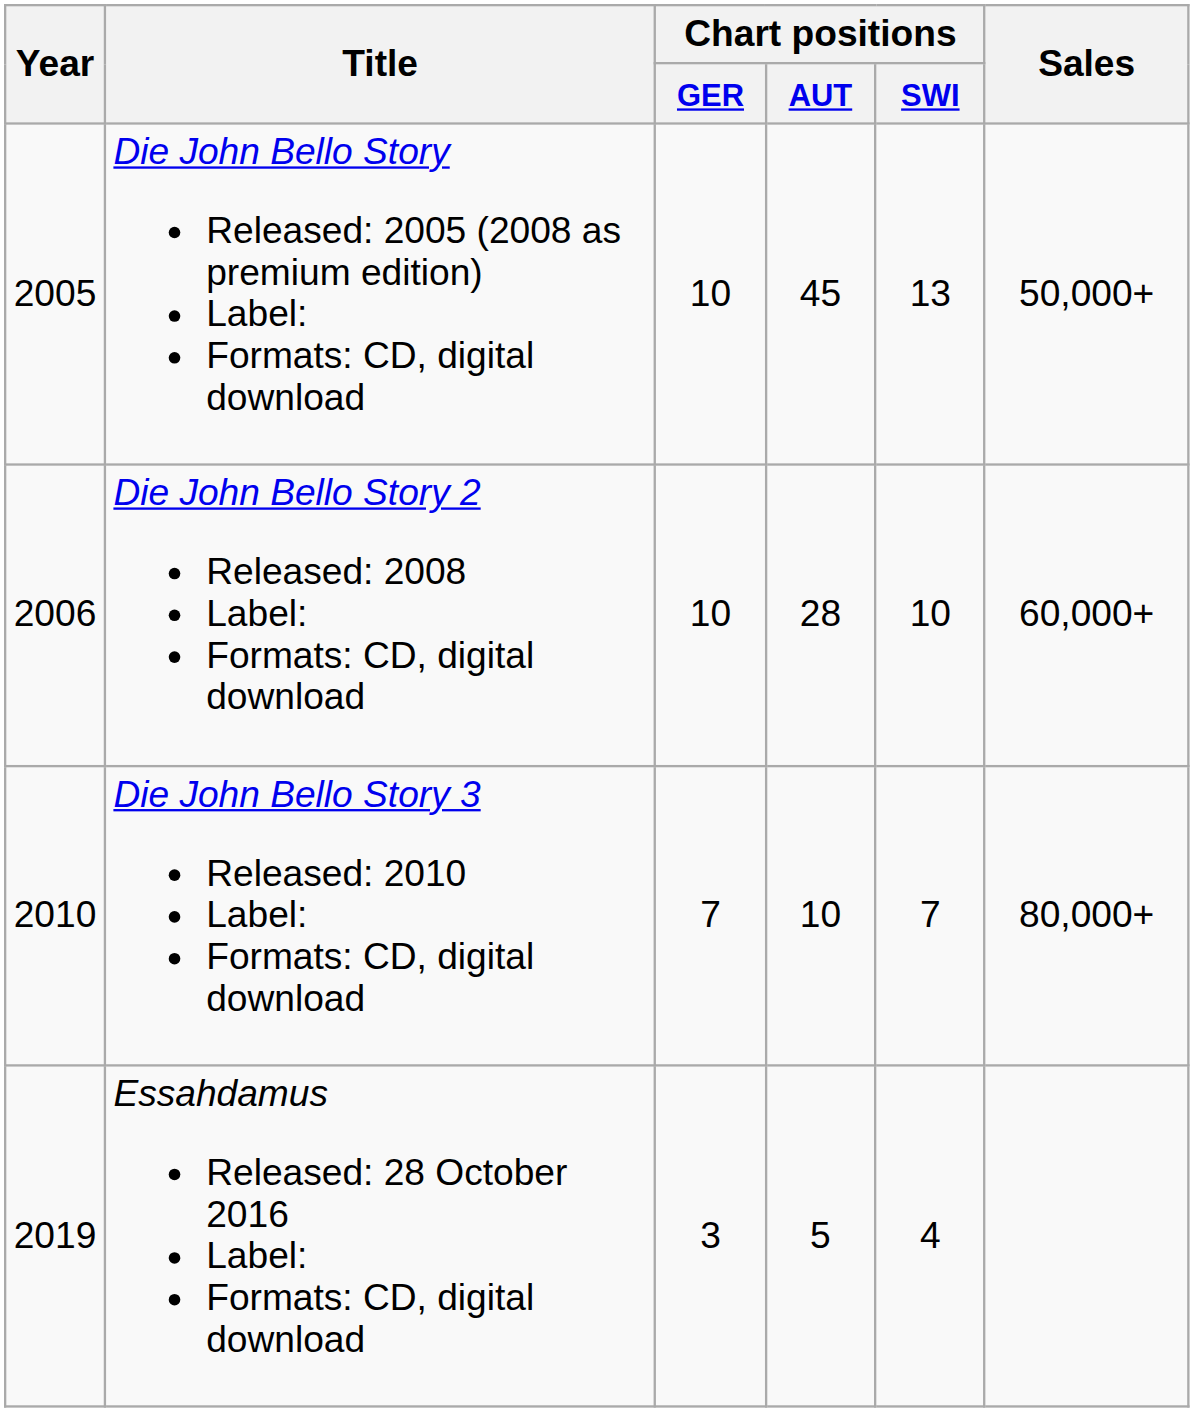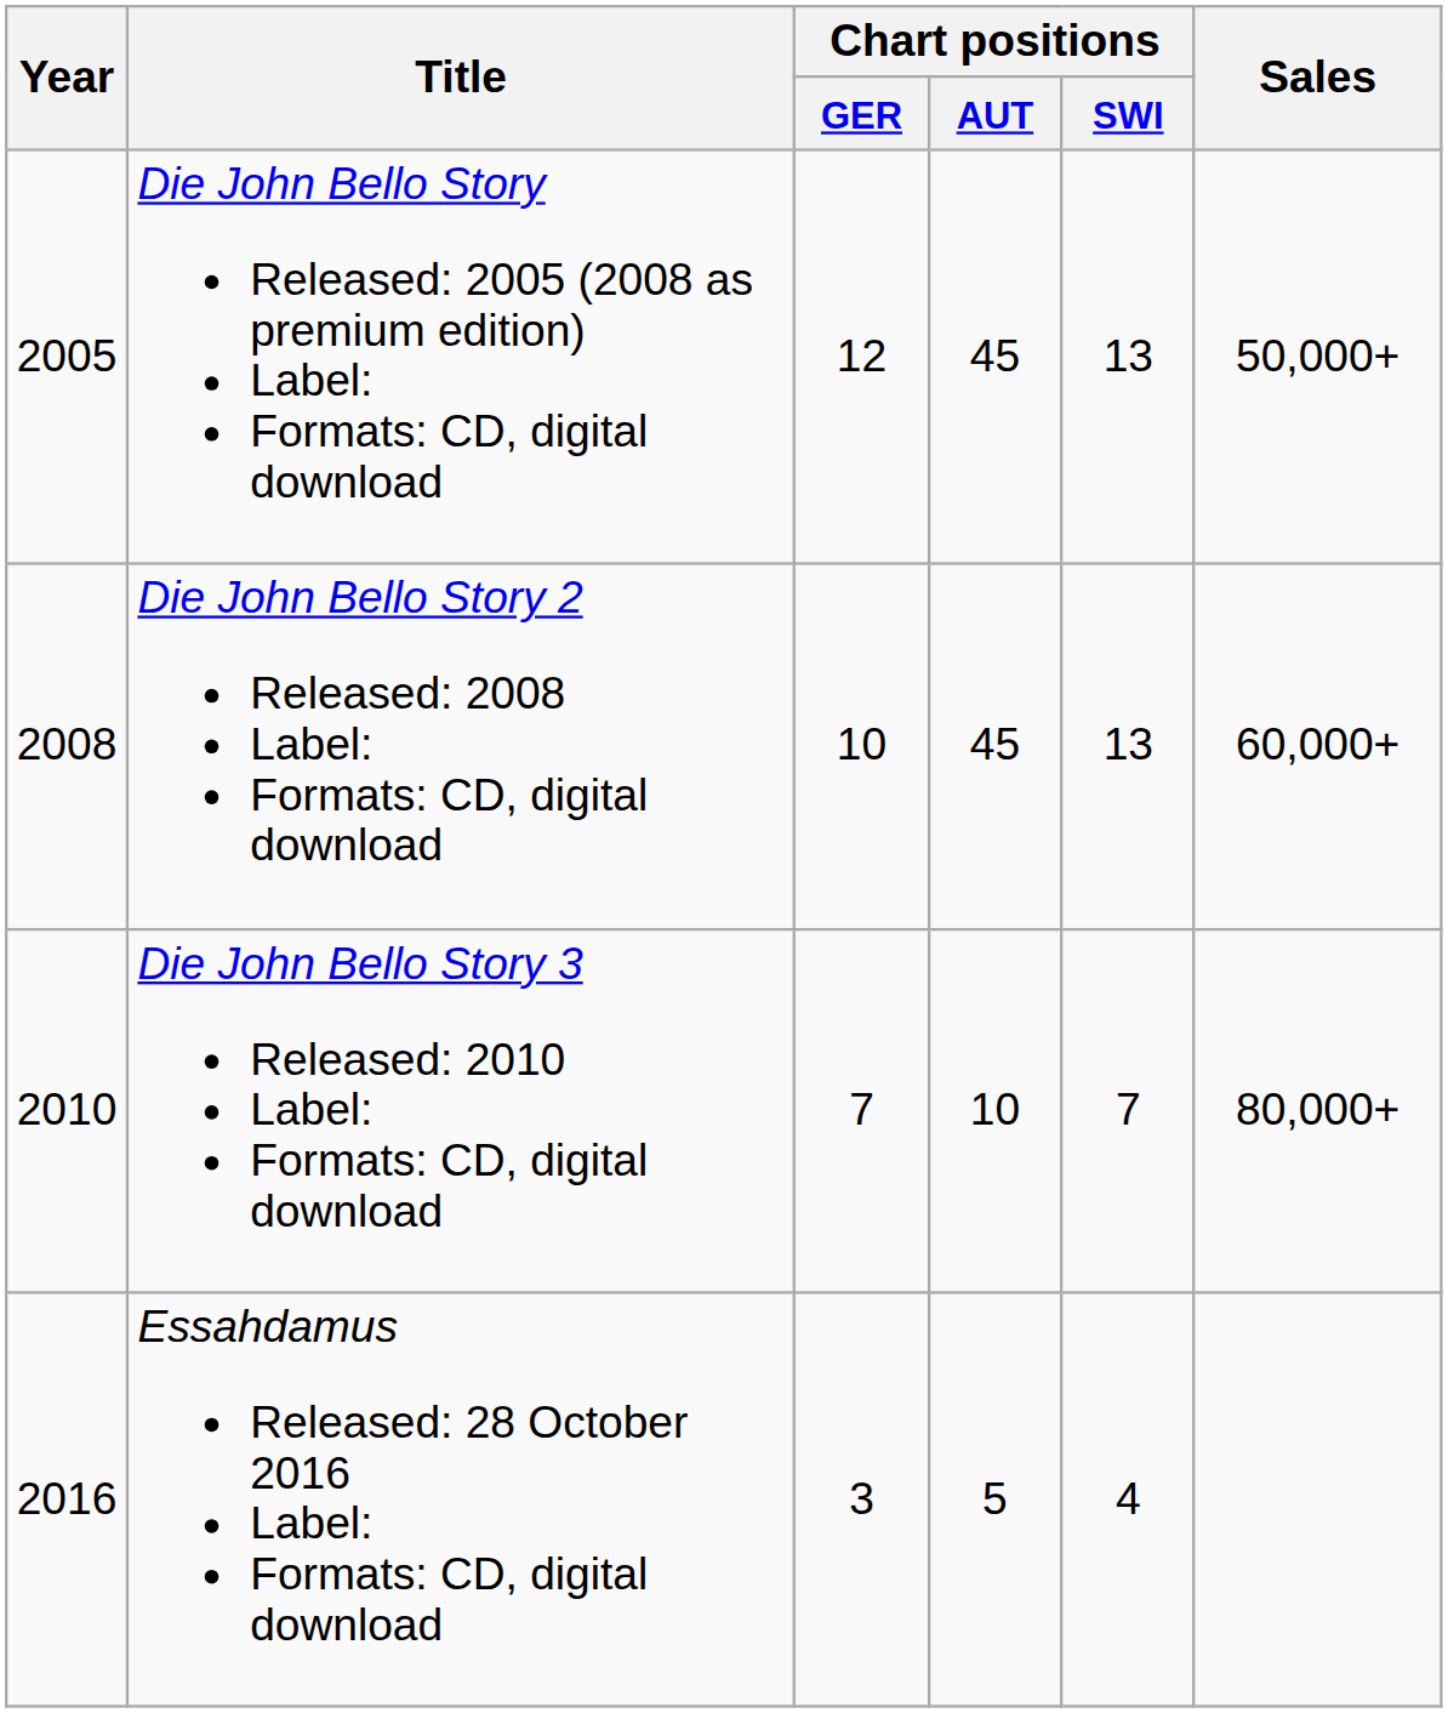 <table class="wikitable">
 <tr>
 <th style="width:20px;" rowspan="2">Year</th>
 <th style="width:230px;" rowspan="2">Title</th>
 <th colspan="3">Chart positions</th>
 <th style="width:80px;" rowspan="2">Sales</th>
 </tr>
 <tr>
 <th style="width:40px;"><small><a href='#'>GER</a></small></th>
 <th style="width:40px;"><small><a href='#'>AUT</a></small></th>
 <th style="width:40px;"><small><a href='#'>SWI</a></small></th>
 </tr>
 <tr>
 <td>2005</td>
 <td align="left"><em><a href='#'>Die John Bello Story</a></em><br><ul><li>Released: 2005 (2008 as premium edition)</li><li>Label:</li><li>Formats: CD, digital download</li></ul></td>
-<td style="text-align:center;">10</td>
+<td style="text-align:center;">12</td>
 <td style="text-align:center;">45</td>
 <td style="text-align:center;">13</td>
 <td style="text-align:center;">50,000+</td>
 </tr>
 <tr>
-<td>2006</td>
+<td>2008</td>
 <td align="left"><em><a href='#'>Die John Bello Story 2</a></em><br><ul><li>Released: 2008</li><li>Label:</li><li>Formats: CD, digital download</li></ul></td>
 <td style="text-align:center;">10</td>
-<td style="text-align:center;">28</td>
-<td style="text-align:center;">10</td>
+<td style="text-align:center;">45</td>
+<td style="text-align:center;">13</td>
 <td style="text-align:center;">60,000+</td>
 </tr>
 <tr>
 <td>2010</td>
 <td align="left"><em><a href='#'>Die John Bello Story 3</a></em><br><ul><li>Released: 2010</li><li>Label:</li><li>Formats: CD, digital download</li></ul></td>
 <td style="text-align:center;">7</td>
 <td style="text-align:center;">10</td>
 <td style="text-align:center;">7</td>
 <td style="text-align:center;">80,000+</td>
 </tr>
 <tr>
-<td>2019</td>
+<td>2016</td>
 <td align="left"><em>Essahdamus</em><br><ul><li>Released: 28 October 2016</li><li>Label:</li><li>Formats: CD, digital download</li></ul></td>
 <td style="text-align:center;">3</td>
 <td style="text-align:center;">5</td>
 <td style="text-align:center;">4</td>
 <td style="text-align:center;"></td>
 </tr>
 </table>
